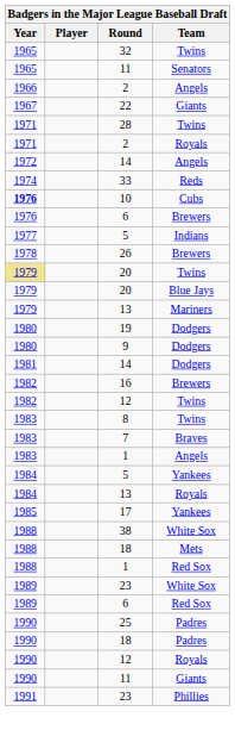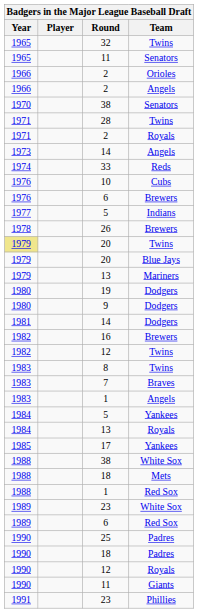 <table class="wikitable sortable collapsible collapsed" style="text-align:center">
 <tr>
 <th colspan=4>Badgers in the Major League Baseball Draft</th>
 </tr>
 <tr>
 <th>Year</th>
 <th>Player</th>
 <th>Round</th>
 <th>Team</th>
 </tr>
 <tr>
 <td><a href='#'>1965</a></td>
 <td></td>
 <td>32</td>
 <td><a href='#'>Twins</a></td>
 </tr>
 <tr>
 <td><a href='#'>1965</a></td>
 <td></td>
 <td>11</td>
 <td><a href='#'>Senators</a></td>
 </tr>
 <tr>
 <td><a href='#'>1966</a></td>
 <td></td>
 <td>2</td>
+<td><a href='#'>Orioles</a></td>
+</tr>
+<tr>
+<td><a href='#'>1966</a></td>
+<td></td>
+<td>2</td>
 <td><a href='#'>Angels</a></td>
 </tr>
 <tr>
-<td><a href='#'>1967</a></td>
+<td><a href='#'>1970</a></td>
 <td></td>
-<td>22</td>
-<td><a href='#'>Giants</a></td>
+<td>38</td>
+<td><a href='#'>Senators</a></td>
 </tr>
 <tr>
 <td><a href='#'>1971</a></td>
 <td></td>
 <td>28</td>
 <td><a href='#'>Twins</a></td>
 </tr>
 <tr>
 <td><a href='#'>1971</a></td>
 <td></td>
 <td>2</td>
 <td><a href='#'>Royals</a></td>
 </tr>
 <tr>
-<td><a href='#'>1972</a></td>
+<td><a href='#'>1973</a></td>
 <td></td>
 <td>14</td>
 <td><a href='#'>Angels</a></td>
 </tr>
 <tr>
 <td><a href='#'>1974</a></td>
 <td></td>
 <td>33</td>
 <td><a href='#'>Reds</a></td>
 </tr>
 <tr>
-<td><strong><a href='#'>1976</a></strong></td>
+<td><a href='#'>1976</a></td>
 <td></td>
 <td>10</td>
 <td><a href='#'>Cubs</a></td>
 </tr>
 <tr>
 <td><a href='#'>1976</a></td>
 <td></td>
 <td>6</td>
 <td><a href='#'>Brewers</a></td>
 </tr>
 <tr>
 <td><a href='#'>1977</a></td>
 <td></td>
 <td>5</td>
 <td><a href='#'>Indians</a></td>
 </tr>
 <tr>
 <td><a href='#'>1978</a></td>
 <td></td>
 <td>26</td>
 <td><a href='#'>Brewers</a></td>
 </tr>
 <tr>
 <td style="background: khaki;"><a href='#'>1979</a></td>
 <td></td>
 <td>20</td>
 <td><a href='#'>Twins</a></td>
 </tr>
 <tr>
 <td><a href='#'>1979</a></td>
 <td></td>
 <td>20</td>
 <td><a href='#'>Blue Jays</a></td>
 </tr>
 <tr>
 <td><a href='#'>1979</a></td>
 <td></td>
 <td>13</td>
 <td><a href='#'>Mariners</a></td>
 </tr>
 <tr>
 <td><a href='#'>1980</a></td>
 <td></td>
 <td>19</td>
 <td><a href='#'>Dodgers</a></td>
 </tr>
 <tr>
 <td><a href='#'>1980</a></td>
 <td></td>
 <td>9</td>
 <td><a href='#'>Dodgers</a></td>
 </tr>
 <tr>
 <td><a href='#'>1981</a></td>
 <td></td>
 <td>14</td>
 <td><a href='#'>Dodgers</a></td>
 </tr>
 <tr>
 <td><a href='#'>1982</a></td>
 <td></td>
 <td>16</td>
 <td><a href='#'>Brewers</a></td>
 </tr>
 <tr>
 <td><a href='#'>1982</a></td>
 <td></td>
 <td>12</td>
 <td><a href='#'>Twins</a></td>
 </tr>
 <tr>
 <td><a href='#'>1983</a></td>
 <td></td>
 <td>8</td>
 <td><a href='#'>Twins</a></td>
 </tr>
 <tr>
 <td><a href='#'>1983</a></td>
 <td></td>
 <td>7</td>
 <td><a href='#'>Braves</a></td>
 </tr>
 <tr>
 <td><a href='#'>1983</a></td>
 <td></td>
 <td>1</td>
 <td><a href='#'>Angels</a></td>
 </tr>
 <tr>
 <td><a href='#'>1984</a></td>
 <td></td>
 <td>5</td>
 <td><a href='#'>Yankees</a></td>
 </tr>
 <tr>
 <td><a href='#'>1984</a></td>
 <td></td>
 <td>13</td>
 <td><a href='#'>Royals</a></td>
 </tr>
 <tr>
 <td><a href='#'>1985</a></td>
 <td></td>
 <td>17</td>
 <td><a href='#'>Yankees</a></td>
 </tr>
 <tr>
 <td><a href='#'>1988</a></td>
 <td></td>
 <td>38</td>
 <td><a href='#'>White Sox</a></td>
 </tr>
 <tr>
 <td><a href='#'>1988</a></td>
 <td></td>
 <td>18</td>
 <td><a href='#'>Mets</a></td>
 </tr>
 <tr>
 <td><a href='#'>1988</a></td>
 <td></td>
 <td>1</td>
 <td><a href='#'>Red Sox</a></td>
 </tr>
 <tr>
 <td><a href='#'>1989</a></td>
 <td></td>
 <td>23</td>
 <td><a href='#'>White Sox</a></td>
 </tr>
 <tr>
 <td><a href='#'>1989</a></td>
 <td></td>
 <td>6</td>
 <td><a href='#'>Red Sox</a></td>
 </tr>
 <tr>
 <td><a href='#'>1990</a></td>
 <td></td>
 <td>25</td>
 <td><a href='#'>Padres</a></td>
 </tr>
 <tr>
 <td><a href='#'>1990</a></td>
 <td></td>
 <td>18</td>
 <td><a href='#'>Padres</a></td>
 </tr>
 <tr>
 <td><a href='#'>1990</a></td>
 <td></td>
 <td>12</td>
 <td><a href='#'>Royals</a></td>
 </tr>
 <tr>
 <td><a href='#'>1990</a></td>
 <td></td>
 <td>11</td>
 <td><a href='#'>Giants</a></td>
 </tr>
 <tr>
 <td><a href='#'>1991</a></td>
 <td></td>
 <td>23</td>
 <td><a href='#'>Phillies</a></td>
 </tr>
 </table>
